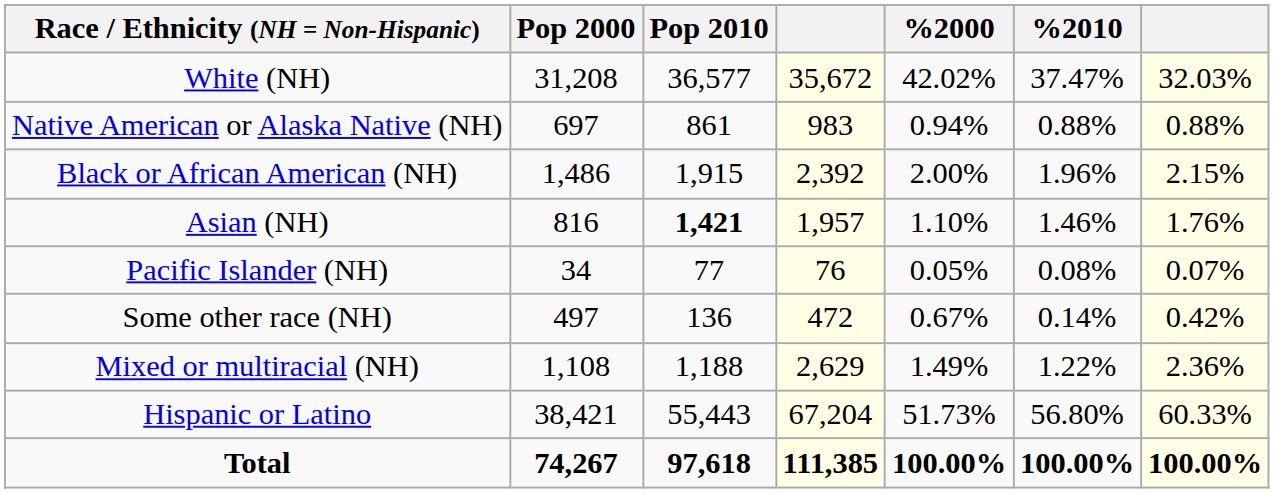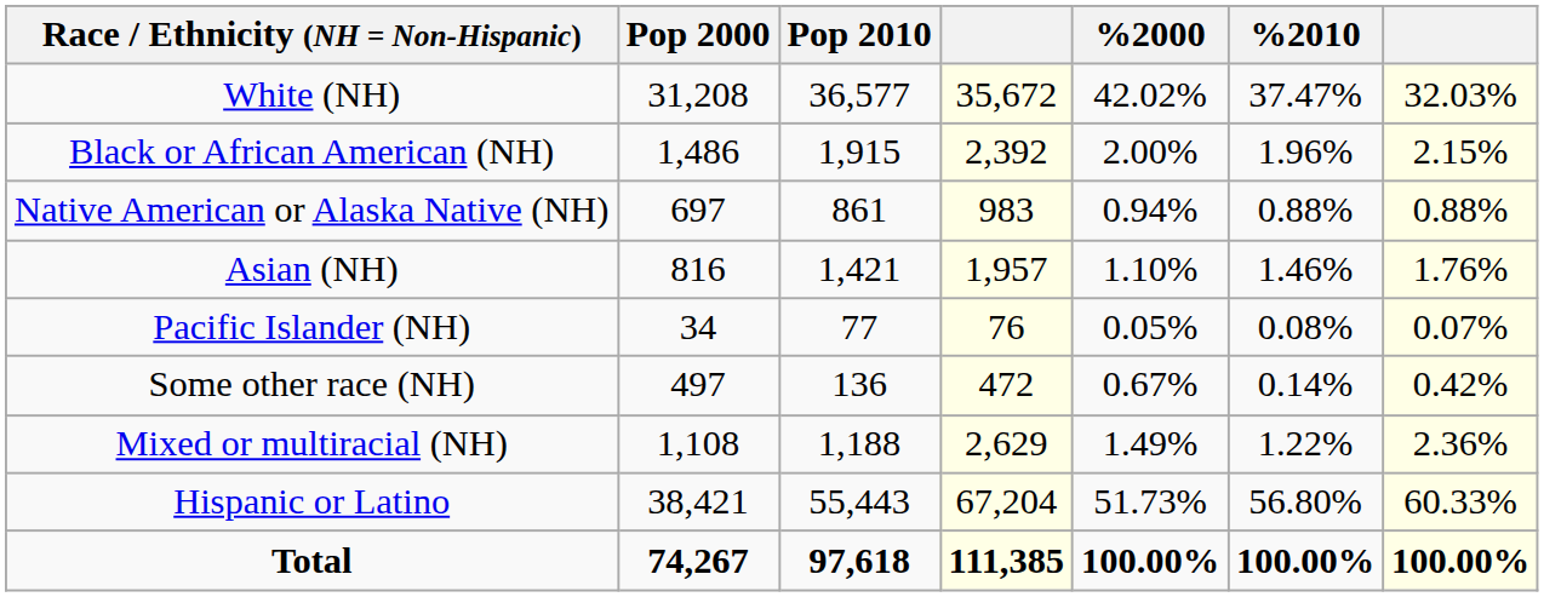 <table class="wikitable" style="text-align:center;">
 <tr>
 <th>Race / Ethnicity <small>(<em>NH = Non-Hispanic</em>)</small></th>
 <th>Pop 2000</th>
 <th>Pop 2010</th>
 <th></th>
 <th>%2000</th>
 <th>%2010</th>
 <th></th>
 </tr>
 <tr>
 <td><a href='#'>White</a> (NH)</td>
 <td>31,208</td>
 <td>36,577</td>
 <td style='background: #ffffe6;'>35,672</td>
 <td>42.02%</td>
 <td>37.47%</td>
 <td style='background: #ffffe6;'>32.03%</td>
 </tr>
 <tr>
+<td><a href='#'>Black or African American</a> (NH)</td>
+<td>1,486</td>
+<td>1,915</td>
+<td style='background: #ffffe6;'>2,392</td>
+<td>2.00%</td>
+<td>1.96%</td>
+<td style='background: #ffffe6;'>2.15%</td>
+</tr>
+<tr>
 <td><a href='#'>Native American</a> or <a href='#'>Alaska Native</a> (NH)</td>
 <td>697</td>
 <td>861</td>
 <td style='background: #ffffe6;'>983</td>
 <td>0.94%</td>
 <td>0.88%</td>
 <td style='background: #ffffe6;'>0.88%</td>
 </tr>
 <tr>
-<td><a href='#'>Black or African American</a> (NH)</td>
-<td>1,486</td>
-<td>1,915</td>
-<td style='background: #ffffe6;'>2,392</td>
-<td>2.00%</td>
-<td>1.96%</td>
-<td style='background: #ffffe6;'>2.15%</td>
-</tr>
-<tr>
 <td><a href='#'>Asian</a> (NH)</td>
 <td>816</td>
-<td><strong>1,421</strong></td>
+<td>1,421</td>
 <td style='background: #ffffe6;'>1,957</td>
 <td>1.10%</td>
 <td>1.46%</td>
 <td style='background: #ffffe6;'>1.76%</td>
 </tr>
 <tr>
 <td><a href='#'>Pacific Islander</a> (NH)</td>
 <td>34</td>
 <td>77</td>
 <td style='background: #ffffe6;'>76</td>
 <td>0.05%</td>
 <td>0.08%</td>
 <td style='background: #ffffe6;'>0.07%</td>
 </tr>
 <tr>
 <td>Some other race (NH)</td>
 <td>497</td>
 <td>136</td>
 <td style='background: #ffffe6;'>472</td>
 <td>0.67%</td>
 <td>0.14%</td>
 <td style='background: #ffffe6;'>0.42%</td>
 </tr>
 <tr>
 <td><a href='#'>Mixed or multiracial</a> (NH)</td>
 <td>1,108</td>
 <td>1,188</td>
 <td style='background: #ffffe6;'>2,629</td>
 <td>1.49%</td>
 <td>1.22%</td>
 <td style='background: #ffffe6;'>2.36%</td>
 </tr>
 <tr>
 <td><a href='#'>Hispanic or Latino</a></td>
 <td>38,421</td>
 <td>55,443</td>
 <td style='background: #ffffe6;'>67,204</td>
 <td>51.73%</td>
 <td>56.80%</td>
 <td style='background: #ffffe6;'>60.33%</td>
 </tr>
 <tr>
 <td><strong>Total</strong></td>
 <td><strong>74,267</strong></td>
 <td><strong>97,618</strong></td>
 <td style='background: #ffffe6;'><strong>111,385</strong></td>
 <td><strong>100.00%</strong></td>
 <td><strong>100.00%</strong></td>
 <td style='background: #ffffe6;'><strong>100.00%</strong></td>
 </tr>
 </table>
